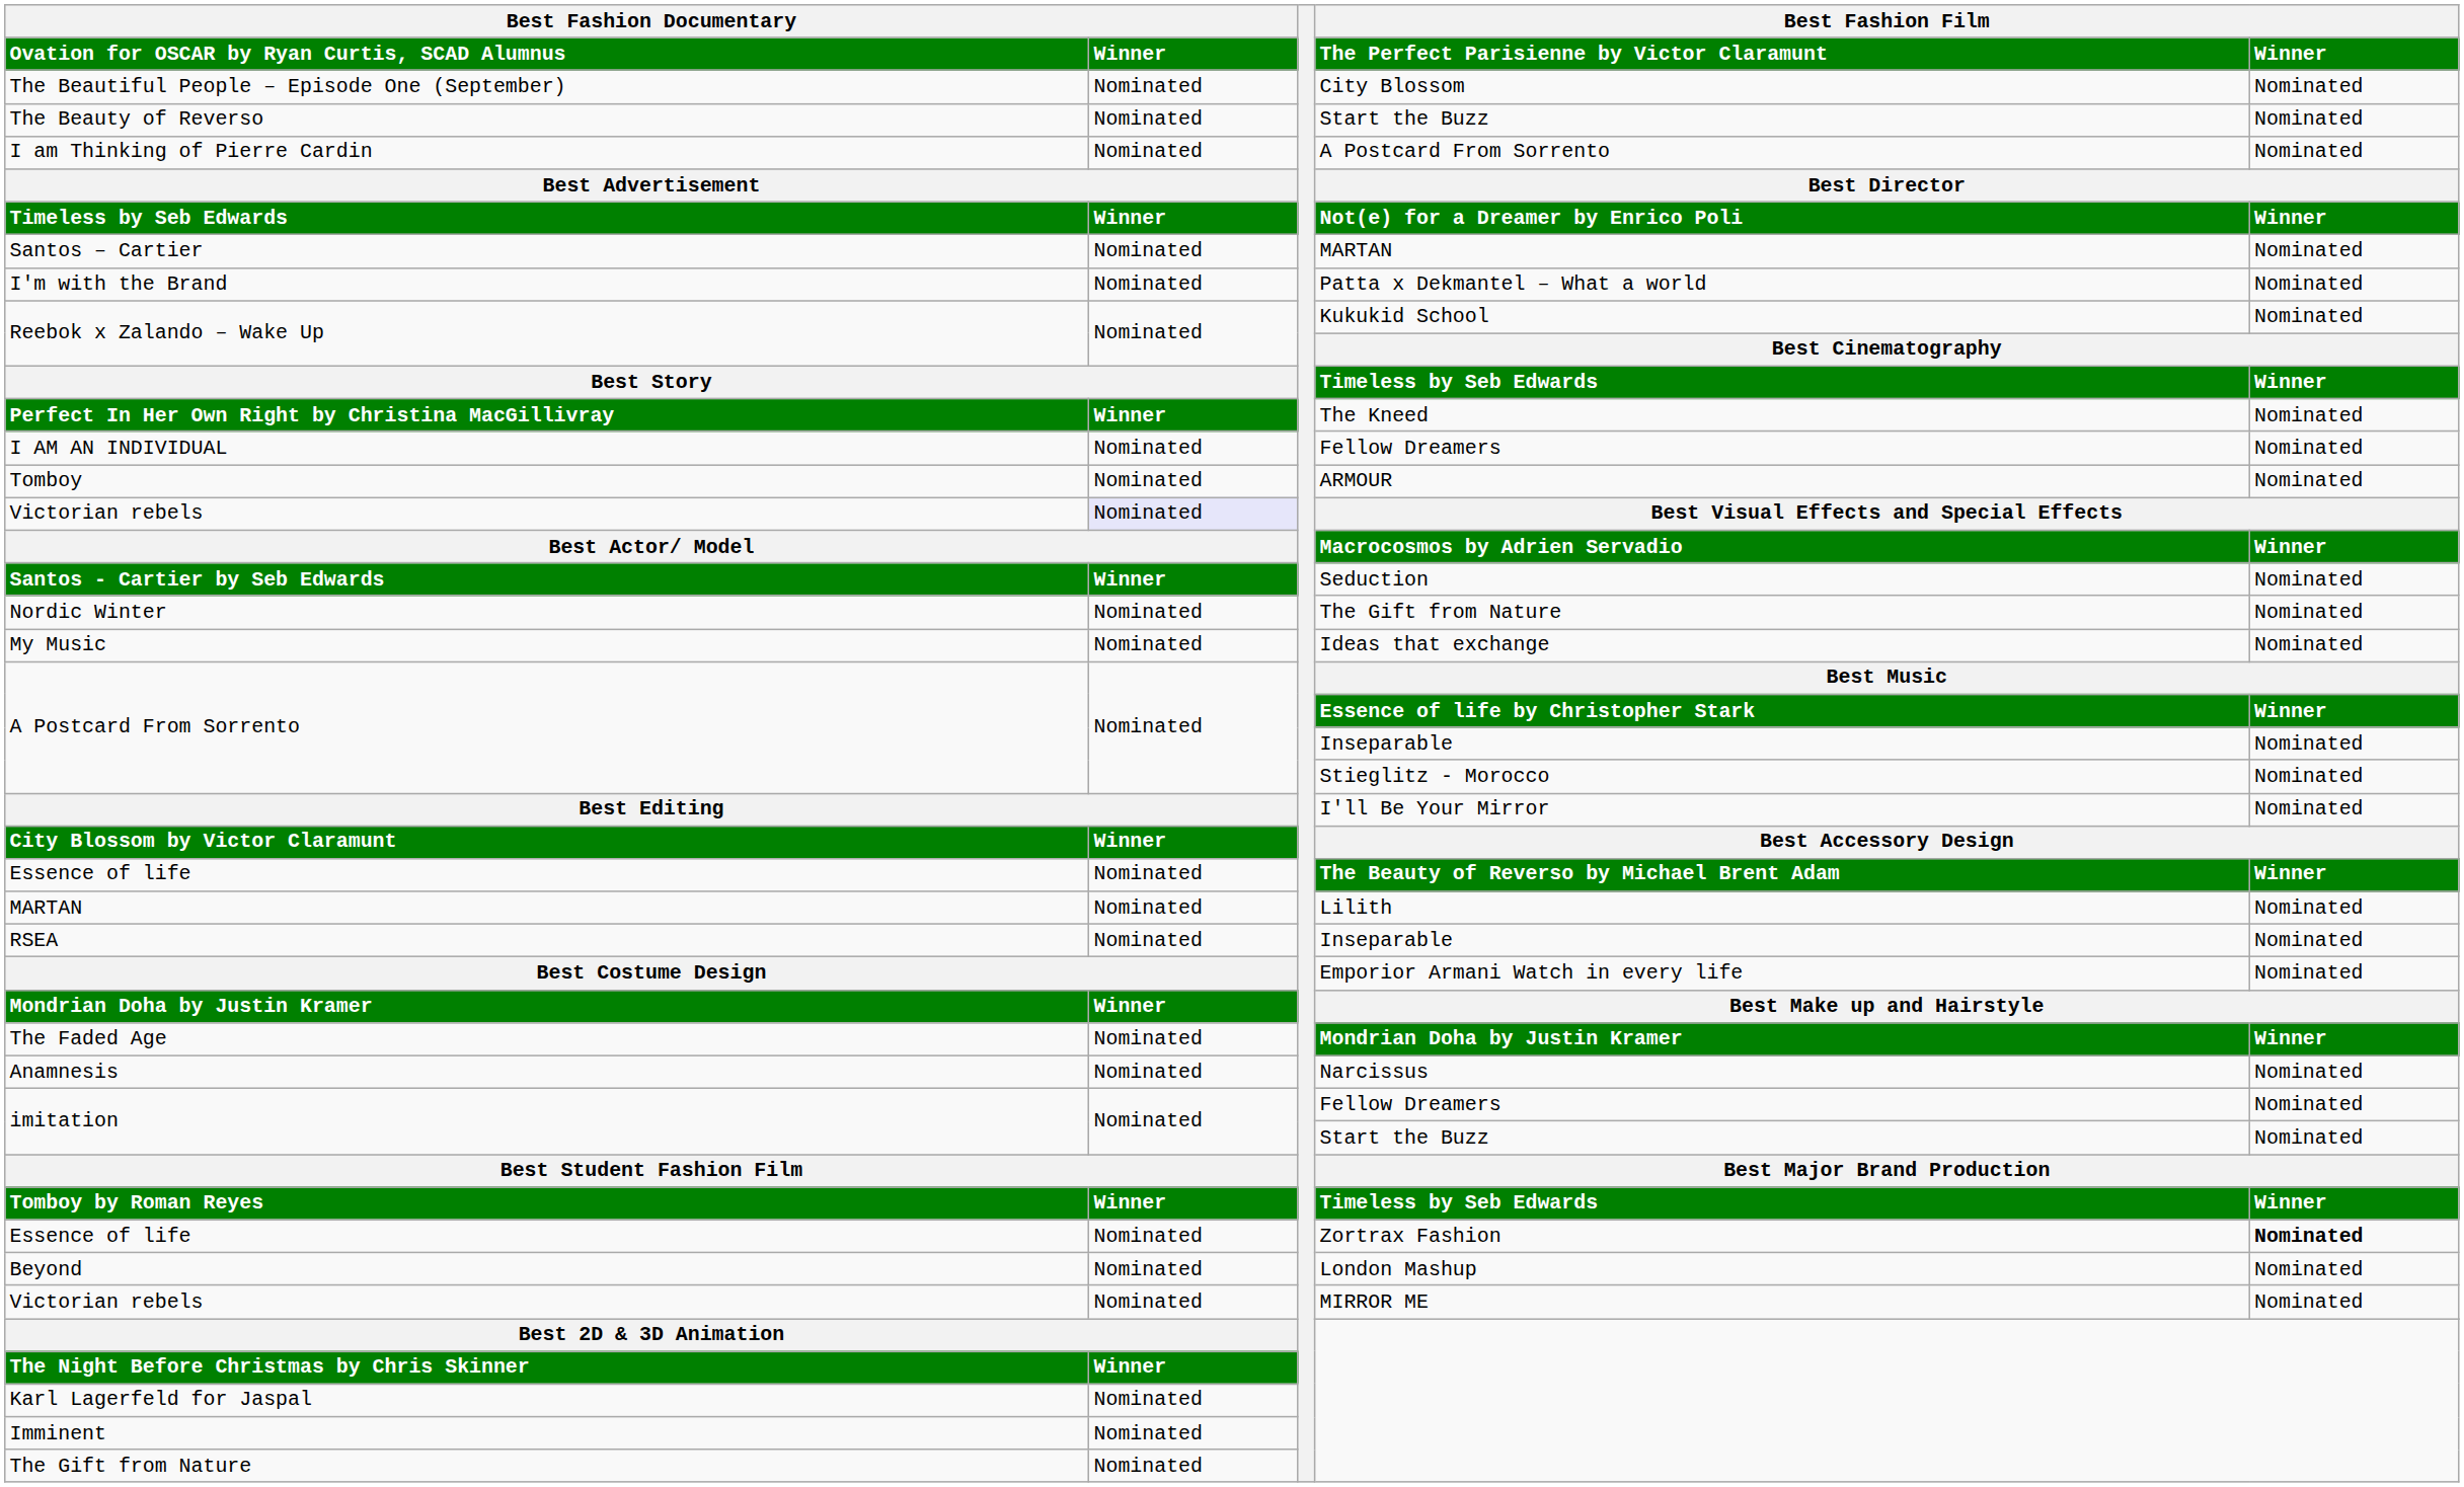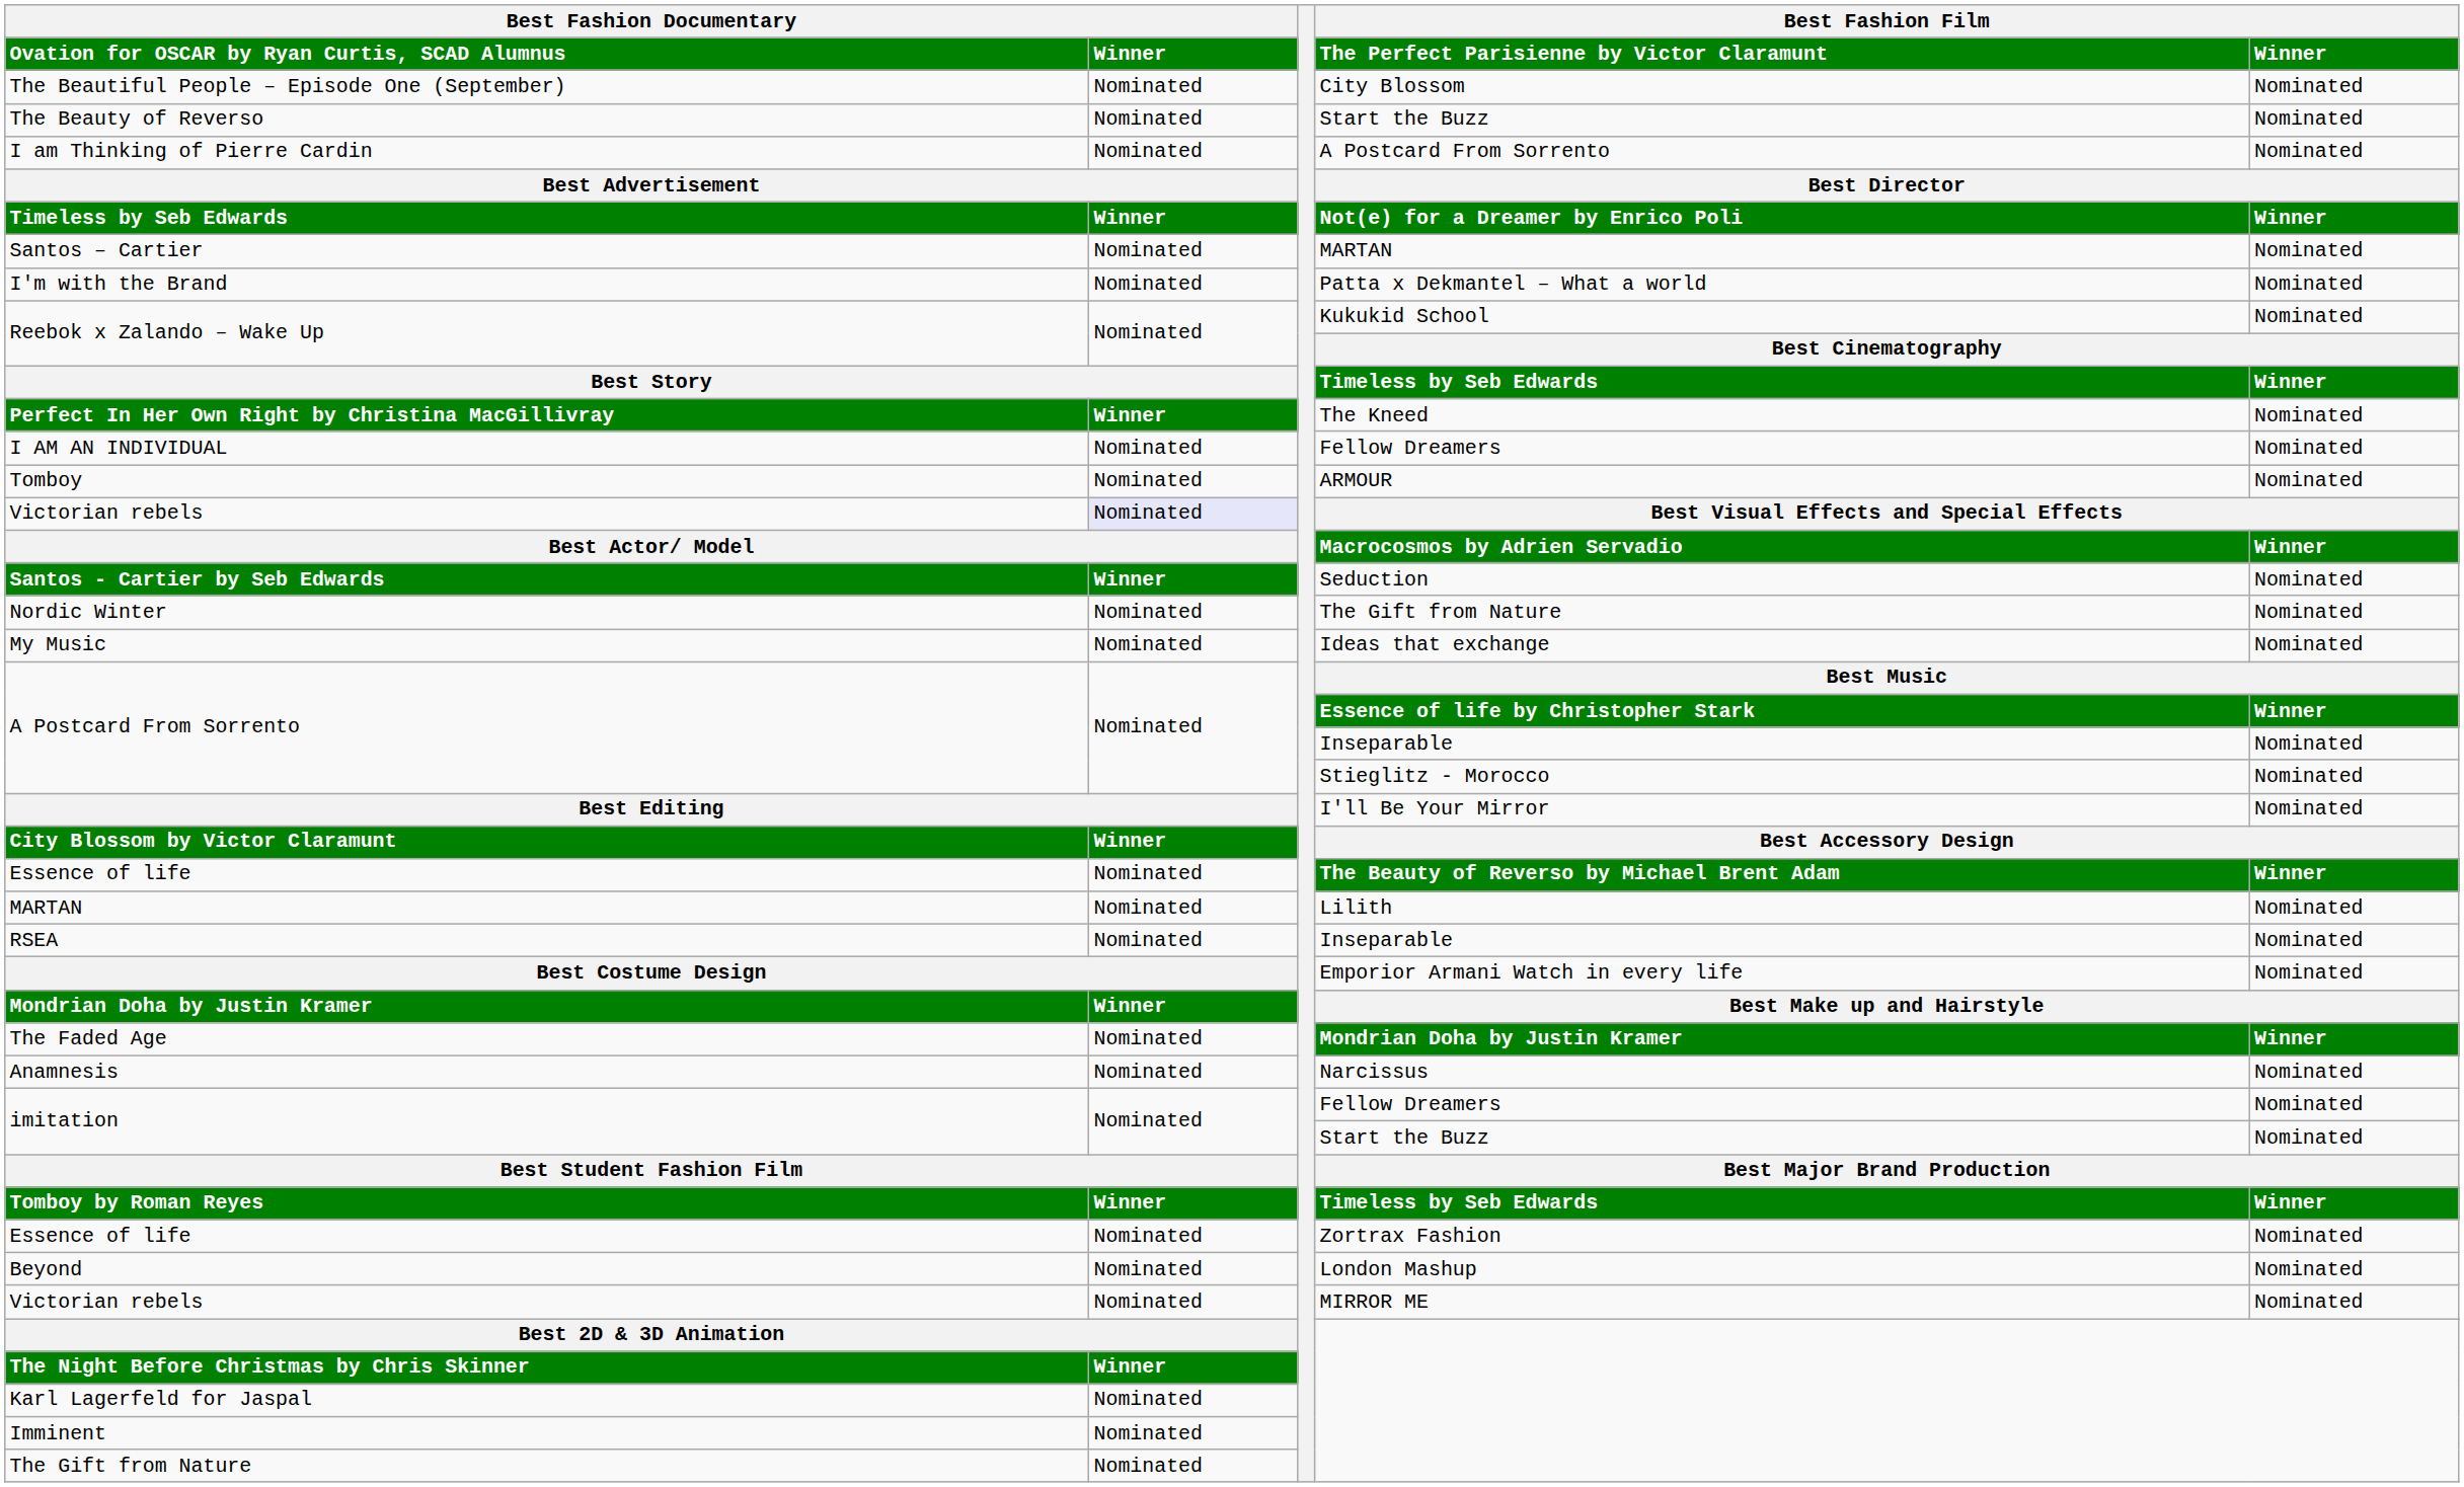 <table class="wikitable" style="width: 100%">
 <tr>
 <th colspan="2">Best Fashion Documentary</th>
 <th rowspan="46"></th>
 <th colspan="2">Best Fashion Film</th>
 </tr>
 <tr>
 <td style="background: green;color: white;"><strong>Ovation for OSCAR by Ryan Curtis, SCAD Alumnus</strong></td>
 <td style="background: green;color: white;"><strong>Winner</strong></td>
 <td style="background: green;color: white;"><strong>The Perfect Parisienne by Victor Claramunt</strong></td>
 <td style="background: green;color: white;"><strong>Winner</strong></td>
 </tr>
 <tr>
 <td>The Beautiful People – Episode One (September)</td>
 <td>Nominated</td>
 <td>City Blossom</td>
 <td>Nominated</td>
 </tr>
 <tr>
 <td>The Beauty of Reverso</td>
 <td>Nominated</td>
 <td>Start the Buzz</td>
 <td>Nominated</td>
 </tr>
 <tr>
 <td>I am Thinking of Pierre Cardin</td>
 <td>Nominated</td>
 <td>A Postcard From Sorrento</td>
 <td>Nominated</td>
 </tr>
 <tr>
 <th colspan="2">Best Advertisement</th>
 <th colspan="2">Best Director</th>
 </tr>
 <tr>
 <td style="background: green;color: white;"><strong>Timeless by Seb Edwards</strong></td>
 <td style="background: green;color: white;"><strong>Winner</strong></td>
 <td style="background: green;color: white;"><strong>Not(e) for a Dreamer by Enrico Poli</strong></td>
 <td style="background: green;color: white;"><strong>Winner</strong></td>
 </tr>
 <tr>
 <td>Santos – Cartier</td>
 <td>Nominated</td>
 <td>MARTAN</td>
 <td>Nominated</td>
 </tr>
 <tr>
 <td>I'm with the Brand</td>
 <td>Nominated</td>
 <td>Patta x Dekmantel – What a world</td>
 <td>Nominated</td>
 </tr>
 <tr>
 <td rowspan="2">Reebok x Zalando – Wake Up</td>
 <td rowspan="2">Nominated</td>
 <td>Kukukid School</td>
 <td>Nominated</td>
 </tr>
 <tr>
 <th colspan="2">Best Cinematography</th>
 </tr>
 <tr>
 <th colspan="2">Best Story</th>
 <td style="background: green;color: white;"><strong>Timeless by Seb Edwards</strong></td>
 <td style="background: green;color: white;"><strong>Winner</strong></td>
 </tr>
 <tr>
 <td style="background: green;color: white;"><strong>Perfect In Her Own Right by Christina MacGillivray</strong></td>
 <td style="background: green;color: white;"><strong>Winner</strong></td>
 <td>The Kneed</td>
 <td>Nominated</td>
 </tr>
 <tr>
 <td>I AM AN INDIVIDUAL</td>
 <td>Nominated</td>
 <td>Fellow Dreamers</td>
 <td>Nominated</td>
 </tr>
 <tr>
 <td>Tomboy</td>
 <td>Nominated</td>
 <td>ARMOUR</td>
 <td>Nominated</td>
 </tr>
 <tr>
 <td>Victorian rebels</td>
 <td style="background: lavender;">Nominated</td>
 <th colspan="2">Best Visual Effects and Special Effects</th>
 </tr>
 <tr>
 <th colspan="2">Best Actor/ Model</th>
 <td style="background: green;color: white;"><strong>Macrocosmos by Adrien Servadio</strong></td>
 <td style="background: green;color: white;"><strong>Winner</strong></td>
 </tr>
 <tr>
 <td style="background: green;color: white;"><strong>Santos - Cartier by Seb Edwards</strong></td>
 <td style="background: green;color: white;"><strong>Winner</strong></td>
 <td>Seduction</td>
 <td>Nominated</td>
 </tr>
 <tr>
 <td>Nordic Winter</td>
 <td>Nominated</td>
 <td>The Gift from Nature</td>
 <td>Nominated</td>
 </tr>
 <tr>
 <td>My Music</td>
 <td>Nominated</td>
 <td>Ideas that exchange</td>
 <td>Nominated</td>
 </tr>
 <tr>
 <td rowspan="4">A Postcard From Sorrento</td>
 <td rowspan="4">Nominated</td>
 <th colspan="2">Best Music</th>
 </tr>
 <tr>
 <td style="background: green;color: white;"><strong>Essence of life by  Christopher Stark</strong></td>
 <td style="background: green;color: white;"><strong>Winner</strong></td>
 </tr>
 <tr>
 <td>Inseparable</td>
 <td>Nominated</td>
 </tr>
 <tr>
 <td>Stieglitz - Morocco</td>
 <td>Nominated</td>
 </tr>
 <tr>
 <th colspan="2">Best Editing</th>
 <td>I'll Be Your Mirror</td>
 <td>Nominated</td>
 </tr>
 <tr>
 <td style="background: green;color: white;"><strong>City Blossom by Victor Claramunt</strong></td>
 <td style="background: green;color: white;"><strong>Winner</strong></td>
 <th colspan="2">Best Accessory Design</th>
 </tr>
 <tr>
 <td>Essence of life</td>
 <td>Nominated</td>
 <td style="background: green;color: white;"><strong>The Beauty of Reverso by Michael Brent Adam</strong></td>
 <td style="background: green;color: white;"><strong>Winner</strong></td>
 </tr>
 <tr>
 <td>MARTAN</td>
 <td>Nominated</td>
 <td>Lilith</td>
 <td>Nominated</td>
 </tr>
 <tr>
 <td>RSEA</td>
 <td>Nominated</td>
 <td>Inseparable</td>
 <td>Nominated</td>
 </tr>
 <tr>
 <th colspan="2">Best Costume Design</th>
 <td>Emporior Armani Watch in every life</td>
 <td>Nominated</td>
 </tr>
 <tr>
 <td style="background: green;color: white;"><strong>Mondrian Doha by Justin Kramer</strong></td>
 <td style="background: green;color: white;"><strong>Winner</strong></td>
 <th colspan="2">Best Make up and Hairstyle</th>
 </tr>
 <tr>
 <td>The Faded Age</td>
 <td>Nominated</td>
 <td style="background: green;color: white;"><strong>Mondrian Doha by Justin Kramer</strong></td>
 <td style="background: green;color: white;"><strong>Winner</strong></td>
 </tr>
 <tr>
 <td>Anamnesis</td>
 <td>Nominated</td>
 <td>Narcissus</td>
 <td>Nominated</td>
 </tr>
 <tr>
 <td rowspan="2">imitation</td>
 <td rowspan="2">Nominated</td>
 <td>Fellow Dreamers</td>
 <td>Nominated</td>
 </tr>
 <tr>
 <td>Start the Buzz</td>
 <td>Nominated</td>
 </tr>
 <tr>
 <th colspan="2">Best Student Fashion Film</th>
 <th colspan="2">Best Major Brand Production</th>
 </tr>
 <tr>
 <td style="background: green;color: white;"><strong>Tomboy by Roman Reyes</strong></td>
 <td style="background: green;color: white;"><strong>Winner</strong></td>
 <td style="background: green;color: white;"><strong>Timeless by Seb Edwards</strong></td>
 <td style="background: green;color: white;"><strong>Winner</strong></td>
 </tr>
 <tr>
 <td>Essence of life</td>
 <td>Nominated</td>
 <td>Zortrax Fashion</td>
-<td><strong>Nominated</strong></td>
+<td>Nominated</td>
 </tr>
 <tr>
 <td>Beyond</td>
 <td>Nominated</td>
 <td>London Mashup</td>
 <td>Nominated</td>
 </tr>
 <tr>
 <td rowspan="2">Victorian rebels</td>
 <td rowspan="2">Nominated</td>
 <td>MIRROR ME</td>
 <td>Nominated</td>
 </tr>
 <tr>
 <td colspan="2" rowspan="6"></td>
 </tr>
 <tr>
 <th colspan="2">Best 2D & 3D Animation</th>
 </tr>
 <tr>
 <td style="background: green;color: white;"><strong>The Night Before Christmas by Chris Skinner</strong></td>
 <td style="background: green;color: white;"><strong>Winner</strong></td>
 </tr>
 <tr>
 <td>Karl Lagerfeld for Jaspal</td>
 <td>Nominated</td>
 </tr>
 <tr>
 <td>Imminent</td>
 <td>Nominated</td>
 </tr>
 <tr>
 <td>The Gift from Nature</td>
 <td>Nominated</td>
 </tr>
 </table>
